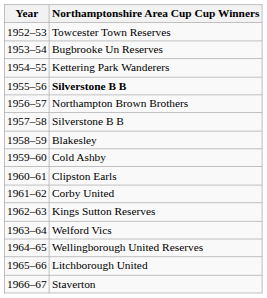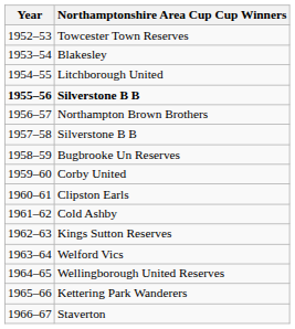 <table class="wikitable" style="float:left; margin-right:1em">
 <tr>
 <th>Year</th>
 <th>Northamptonshire Area Cup Cup Winners</th>
 </tr>
 <tr>
 <td>1952–53</td>
 <td>Towcester Town Reserves</td>
 </tr>
 <tr>
 <td>1953–54</td>
-<td>Bugbrooke Un Reserves</td>
+<td>Blakesley</td>
 </tr>
 <tr>
 <td>1954–55</td>
-<td>Kettering Park Wanderers</td>
+<td>Litchborough United</td>
 </tr>
 <tr>
-<td>1955–56</td>
+<td><strong>1955–56</strong></td>
 <td><strong>Silverstone B B</strong></td>
 </tr>
 <tr>
 <td>1956–57</td>
 <td>Northampton Brown Brothers</td>
 </tr>
 <tr>
 <td>1957–58</td>
 <td>Silverstone B B</td>
 </tr>
 <tr>
 <td>1958–59</td>
-<td>Blakesley</td>
+<td>Bugbrooke Un Reserves</td>
 </tr>
 <tr>
 <td>1959–60</td>
-<td>Cold Ashby</td>
+<td>Corby United</td>
 </tr>
 <tr>
 <td>1960–61</td>
 <td>Clipston Earls</td>
 </tr>
 <tr>
 <td>1961–62</td>
-<td>Corby United</td>
+<td>Cold Ashby</td>
 </tr>
 <tr>
 <td>1962–63</td>
 <td>Kings Sutton Reserves</td>
 </tr>
 <tr>
 <td>1963–64</td>
 <td>Welford Vics</td>
 </tr>
 <tr>
 <td>1964–65</td>
 <td>Wellingborough United Reserves</td>
 </tr>
 <tr>
 <td>1965–66</td>
-<td>Litchborough United</td>
+<td>Kettering Park Wanderers</td>
 </tr>
 <tr>
 <td>1966–67</td>
 <td>Staverton</td>
 </tr>
 </table>
